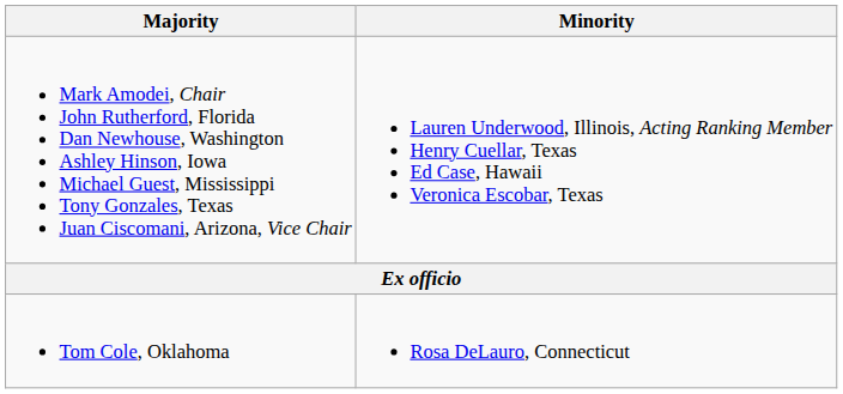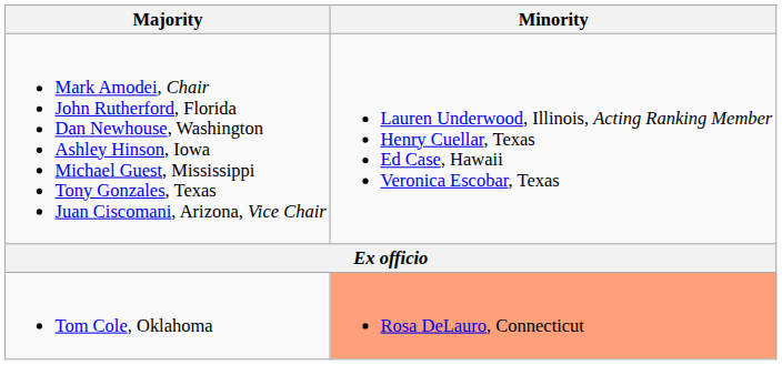 <table class=wikitable>
 <tr>
 <th>Majority</th>
 <th>Minority</th>
 </tr>
 <tr>
 <td><br><ul><li><a href='#'>Mark Amodei</a>, <em>Chair</em></li><li><a href='#'>John Rutherford</a>, Florida</li><li><a href='#'>Dan Newhouse</a>, Washington</li><li><a href='#'>Ashley Hinson</a>, Iowa</li><li><a href='#'>Michael Guest</a>, Mississippi</li><li><a href='#'>Tony Gonzales</a>, Texas</li><li><a href='#'>Juan Ciscomani</a>, Arizona, <em>Vice Chair</em></li></ul></td>
 <td><br><ul><li><a href='#'>Lauren Underwood</a>, Illinois, <em>Acting Ranking Member</em></li><li><a href='#'>Henry Cuellar</a>, Texas</li><li><a href='#'>Ed Case</a>, Hawaii</li><li><a href='#'>Veronica Escobar</a>, Texas</li></ul></td>
 </tr>
 <tr>
 <th colspan=2><em>Ex officio</em></th>
 </tr>
 <tr>
 <td><br><ul><li><a href='#'>Tom Cole</a>, Oklahoma</li></ul></td>
-<td><br><ul><li><a href='#'>Rosa DeLauro</a>, Connecticut</li></ul></td>
+<td style="background: lightsalmon;"><br><ul><li><a href='#'>Rosa DeLauro</a>, Connecticut</li></ul></td>
 </tr>
 </table>
